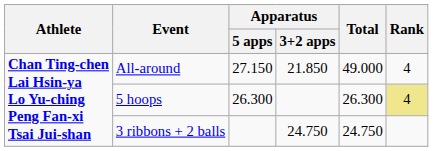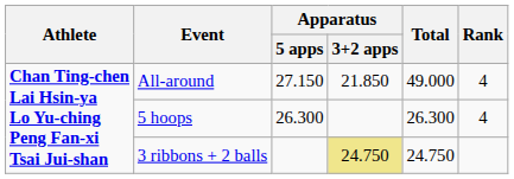 <table class="wikitable" style="font-size:90%; text-align:center">
 <tr>
 <th rowspan="2">Athlete</th>
 <th rowspan="2">Event</th>
 <th colspan="2">Apparatus</th>
 <th rowspan="2">Total</th>
 <th rowspan="2">Rank</th>
 </tr>
 <tr>
 <th>5 apps</th>
 <th>3+2 apps</th>
 </tr>
 <tr>
 <td align="left" rowspan="3"><strong><a href='#'>Chan Ting-chen</a><br><a href='#'>Lai Hsin-ya</a><br><a href='#'>Lo Yu-ching</a><br><a href='#'>Peng Fan-xi</a><br><a href='#'>Tsai Jui-shan</a></strong></td>
 <td align="left"><a href='#'>All-around</a></td>
 <td>27.150</td>
 <td>21.850</td>
 <td>49.000</td>
 <td>4</td>
 </tr>
 <tr>
 <td align="left"><a href='#'>5 hoops</a></td>
 <td>26.300</td>
 <td></td>
 <td>26.300</td>
-<td style="background: khaki;">4</td>
+<td>4</td>
 </tr>
 <tr>
 <td align="left"><a href='#'>3 ribbons + 2 balls</a></td>
 <td></td>
-<td>24.750</td>
+<td style="background: khaki;">24.750</td>
 <td>24.750</td>
 <td></td>
 </tr>
 </table>
